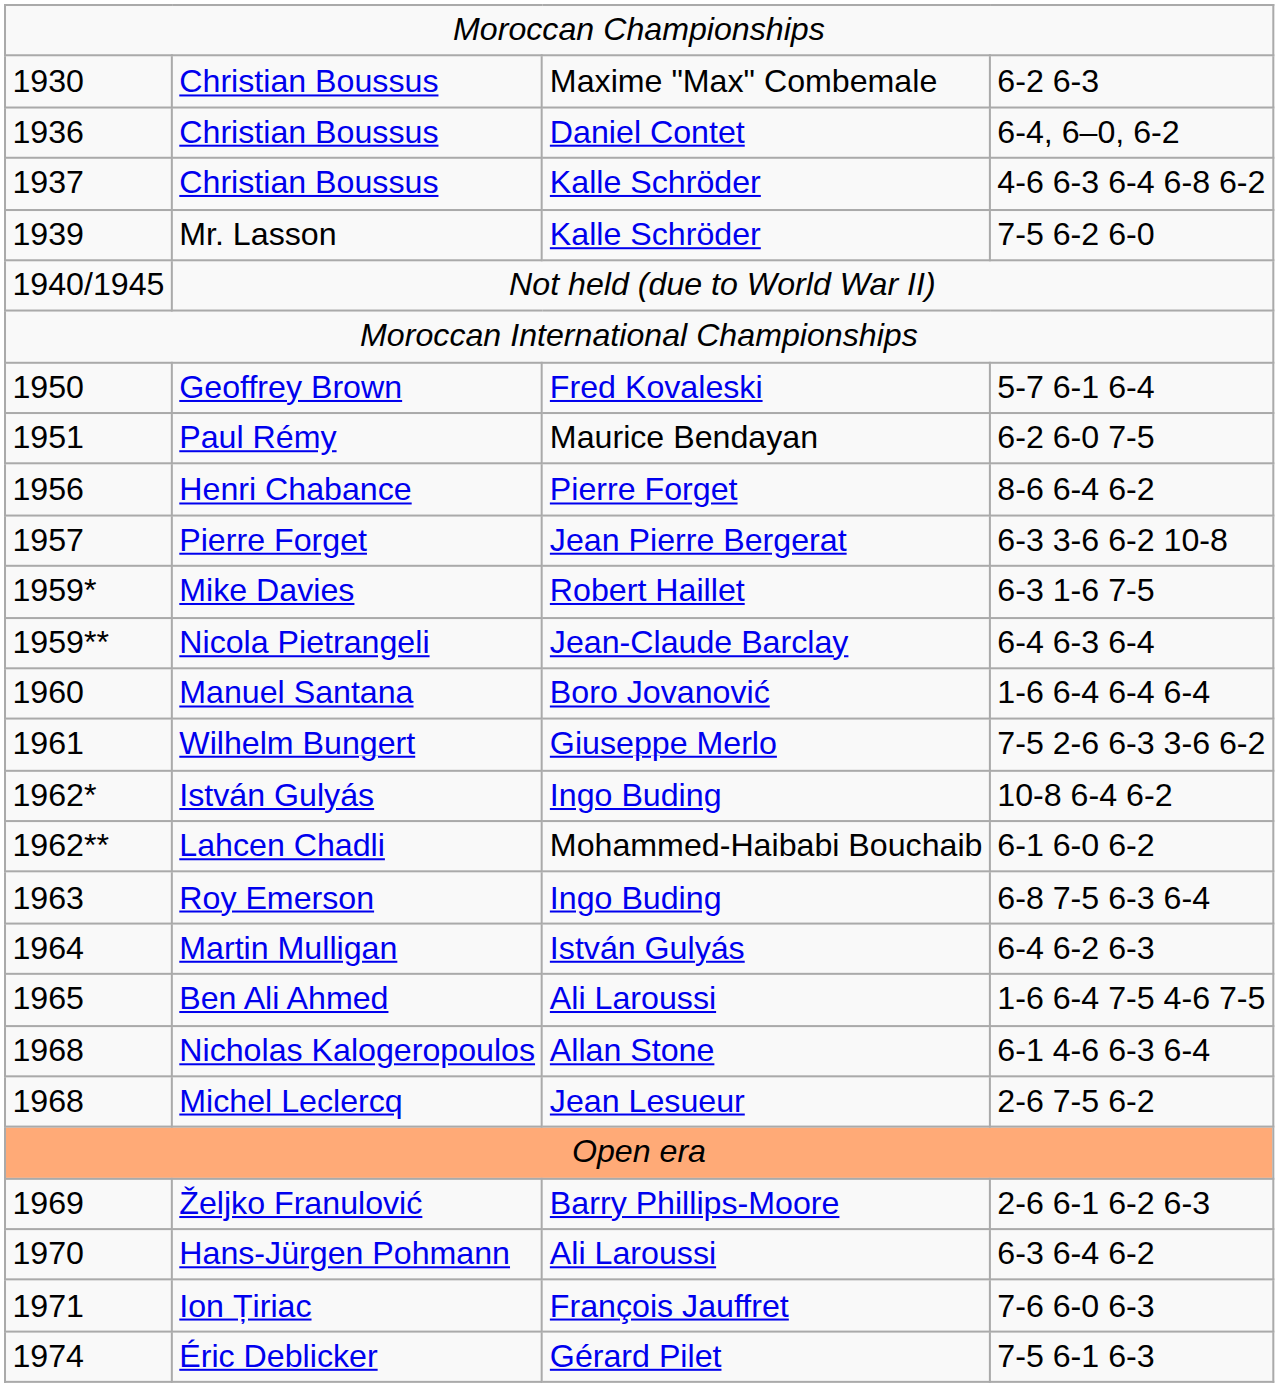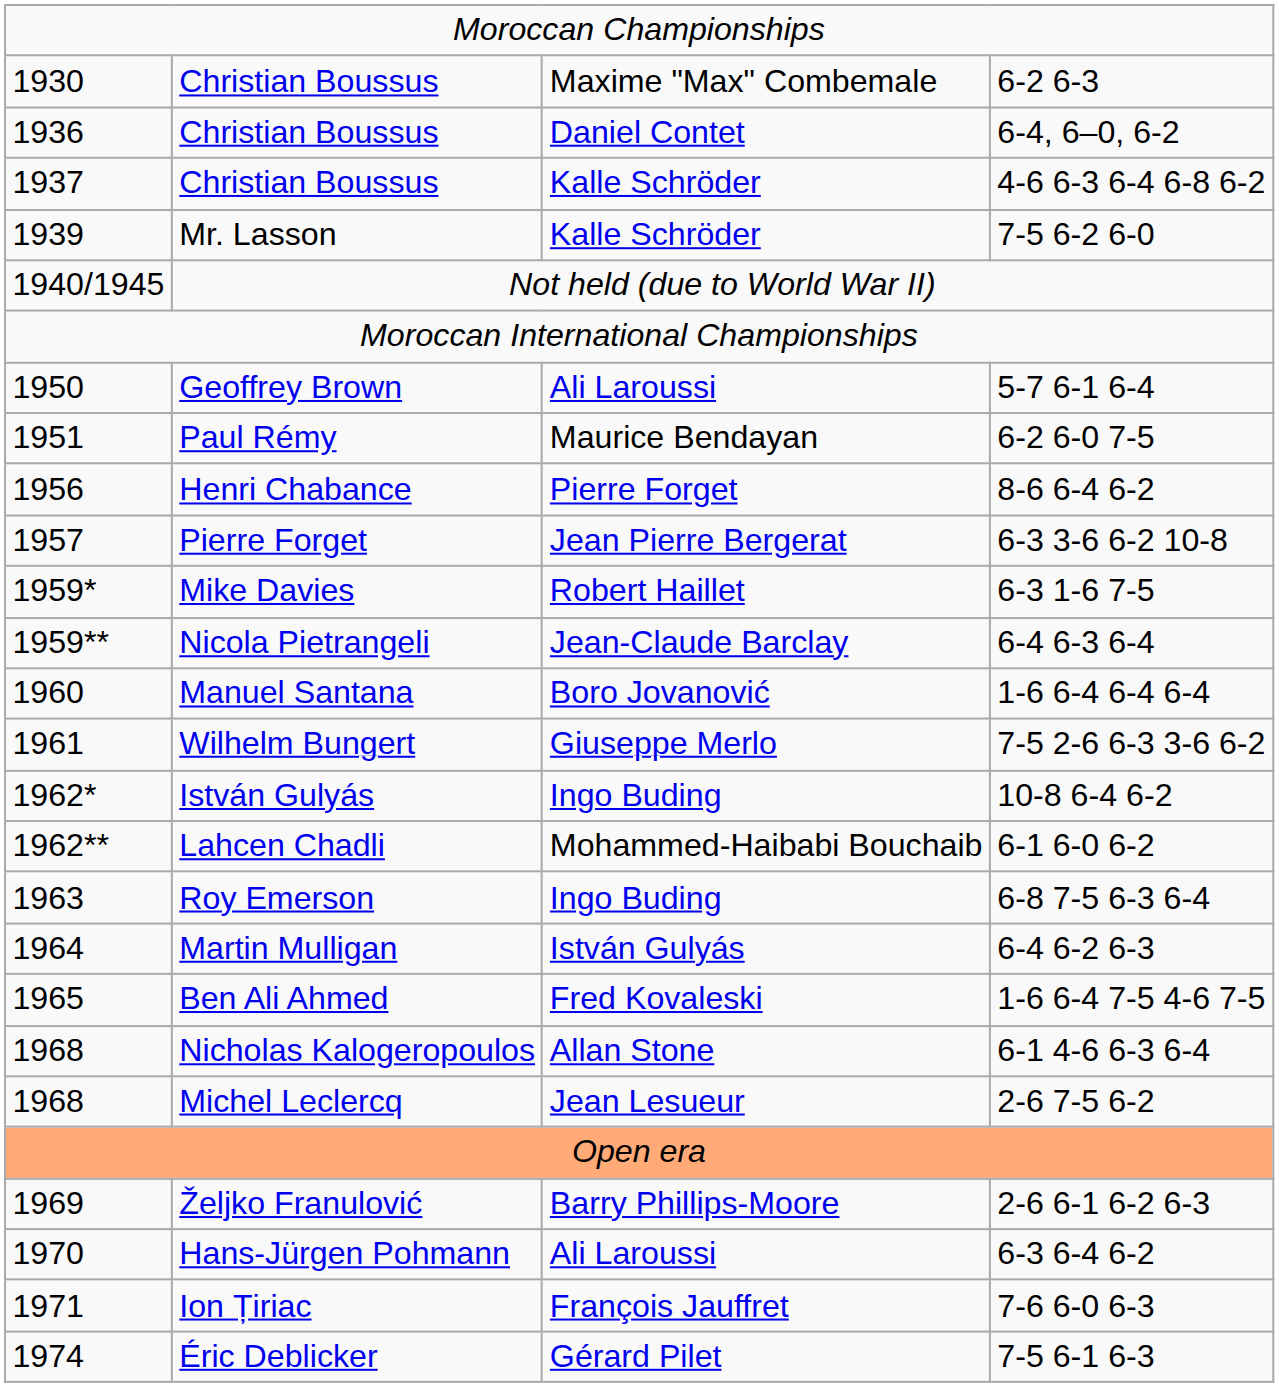 <table class="wikitable">
 <tr>
 <td colspan=4 align=center><em>Moroccan Championships</em></td>
 </tr>
 <tr>
 <td>1930</td>
 <td> <a href='#'>Christian Boussus</a></td>
 <td> Maxime "Max" Combemale</td>
 <td>6-2 6-3</td>
 </tr>
 <tr>
 <td>1936</td>
 <td> <a href='#'>Christian Boussus</a></td>
 <td> <a href='#'>Daniel Contet</a></td>
 <td>6-4, 6–0, 6-2</td>
 </tr>
 <tr>
 <td>1937</td>
 <td>  <a href='#'>Christian Boussus</a></td>
 <td> <a href='#'>Kalle Schröder</a></td>
 <td>4-6 6-3 6-4 6-8 6-2</td>
 </tr>
 <tr>
 <td>1939</td>
 <td>  Mr. Lasson</td>
 <td> <a href='#'>Kalle Schröder</a></td>
 <td>7-5 6-2 6-0</td>
 </tr>
 <tr>
 <td>1940/1945</td>
 <td colspan=4 align=center><em>Not held (due to World War II)</em></td>
 </tr>
 <tr>
 <td colspan=4 align=center><em>Moroccan International Championships</em></td>
 </tr>
 <tr>
 <td>1950</td>
 <td> <a href='#'>Geoffrey Brown</a></td>
-<td> <a href='#'>Fred Kovaleski</a></td>
+<td> <a href='#'>Ali Laroussi</a></td>
 <td>5-7 6-1 6-4</td>
 </tr>
 <tr>
 <td>1951</td>
 <td> <a href='#'>Paul Rémy</a></td>
 <td> Maurice Bendayan</td>
 <td>6-2 6-0 7-5</td>
 </tr>
 <tr>
 <td>1956</td>
 <td> <a href='#'>Henri Chabance</a></td>
 <td> <a href='#'>Pierre Forget</a></td>
 <td>8-6 6-4 6-2</td>
 </tr>
 <tr>
 <td>1957</td>
 <td> <a href='#'>Pierre Forget</a></td>
 <td> <a href='#'>Jean Pierre Bergerat</a></td>
 <td>6-3 3-6 6-2 10-8</td>
 </tr>
 <tr>
 <td>1959*</td>
 <td> <a href='#'>Mike Davies</a></td>
 <td> <a href='#'>Robert Haillet</a></td>
 <td>6-3 1-6 7-5</td>
 </tr>
 <tr>
 <td>1959**</td>
 <td> <a href='#'>Nicola Pietrangeli</a></td>
 <td> <a href='#'>Jean-Claude Barclay</a></td>
 <td>6-4 6-3 6-4</td>
 </tr>
 <tr>
 <td>1960</td>
 <td> <a href='#'>Manuel Santana</a></td>
 <td> <a href='#'>Boro Jovanović</a></td>
 <td>1-6 6-4 6-4 6-4</td>
 </tr>
 <tr>
 <td>1961</td>
 <td> <a href='#'>Wilhelm Bungert</a></td>
 <td> <a href='#'>Giuseppe Merlo</a></td>
 <td>7-5 2-6 6-3 3-6 6-2</td>
 </tr>
 <tr>
 <td>1962*</td>
 <td> <a href='#'>István Gulyás</a></td>
 <td> <a href='#'>Ingo Buding</a></td>
 <td>10-8 6-4 6-2</td>
 </tr>
 <tr>
 <td>1962**</td>
 <td> <a href='#'>Lahcen Chadli</a></td>
 <td> Mohammed-Haibabi Bouchaib</td>
 <td>6-1 6-0 6-2</td>
 </tr>
 <tr>
 <td>1963</td>
 <td> <a href='#'>Roy Emerson</a></td>
 <td> <a href='#'>Ingo Buding</a></td>
 <td>6-8 7-5 6-3 6-4</td>
 </tr>
 <tr>
 <td>1964</td>
 <td> <a href='#'>Martin Mulligan</a></td>
 <td> <a href='#'>István Gulyás</a></td>
 <td>6-4 6-2 6-3</td>
 </tr>
 <tr>
 <td>1965</td>
 <td> <a href='#'>Ben Ali Ahmed</a></td>
-<td> <a href='#'>Ali Laroussi</a></td>
+<td> <a href='#'>Fred Kovaleski</a></td>
 <td>1-6 6-4 7-5 4-6 7-5</td>
 </tr>
 <tr>
 <td>1968</td>
 <td> <a href='#'>Nicholas Kalogeropoulos</a></td>
 <td> <a href='#'>Allan Stone</a></td>
 <td>6-1 4-6 6-3 6-4</td>
 </tr>
 <tr>
 <td>1968</td>
 <td> <a href='#'>Michel Leclercq</a></td>
 <td> <a href='#'>Jean Lesueur</a></td>
 <td>2-6 7-5 6-2</td>
 </tr>
 <tr style=background-color:#ffaa77>
 <td colspan=4 align=center><em>Open era </em></td>
 </tr>
 <tr>
 <td>1969</td>
 <td> <a href='#'>Željko Franulović</a></td>
 <td> <a href='#'>Barry Phillips-Moore</a></td>
 <td>2-6 6-1 6-2 6-3</td>
 </tr>
 <tr>
 <td>1970</td>
 <td> <a href='#'>Hans-Jürgen Pohmann</a></td>
 <td> <a href='#'>Ali Laroussi</a></td>
 <td>6-3 6-4 6-2</td>
 </tr>
 <tr>
 <td>1971</td>
 <td> <a href='#'>Ion Țiriac</a></td>
 <td> <a href='#'>François Jauffret</a></td>
 <td>7-6 6-0 6-3</td>
 </tr>
 <tr>
 <td>1974</td>
 <td> <a href='#'>Éric Deblicker</a></td>
 <td> <a href='#'>Gérard Pilet</a></td>
 <td>7-5 6-1 6-3</td>
 </tr>
 </table>
